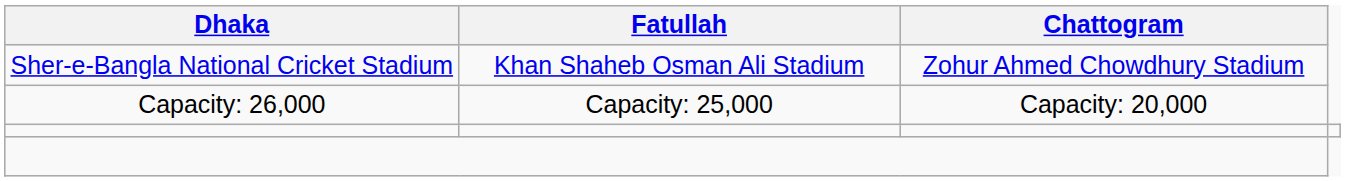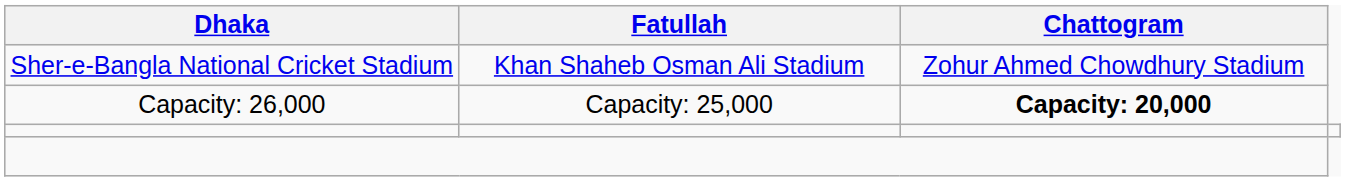 <table class="wikitable" style="text-align:center; display:inline-block; border: 0">
 <tr>
 <th style="width:34%;"><a href='#'>Dhaka</a></th>
 <th style="width:33%;"><a href='#'>Fatullah</a></th>
 <th style="width:33%:"><a href='#'>Chattogram</a></th>
 </tr>
 <tr>
 <td><a href='#'>Sher-e-Bangla National Cricket Stadium</a></td>
 <td><a href='#'>Khan Shaheb Osman Ali Stadium</a></td>
 <td><a href='#'>Zohur Ahmed Chowdhury Stadium</a></td>
 </tr>
 <tr>
 <td>Capacity: 26,000</td>
 <td>Capacity: 25,000</td>
-<td>Capacity: 20,000</td>
+<td><strong>Capacity: 20,000</strong></td>
 </tr>
 <tr>
 <td></td>
 <td></td>
 <td></td>
 <td></td>
 </tr>
 <tr>
 <td colspan=3><br></td>
 </tr>
 </table>
